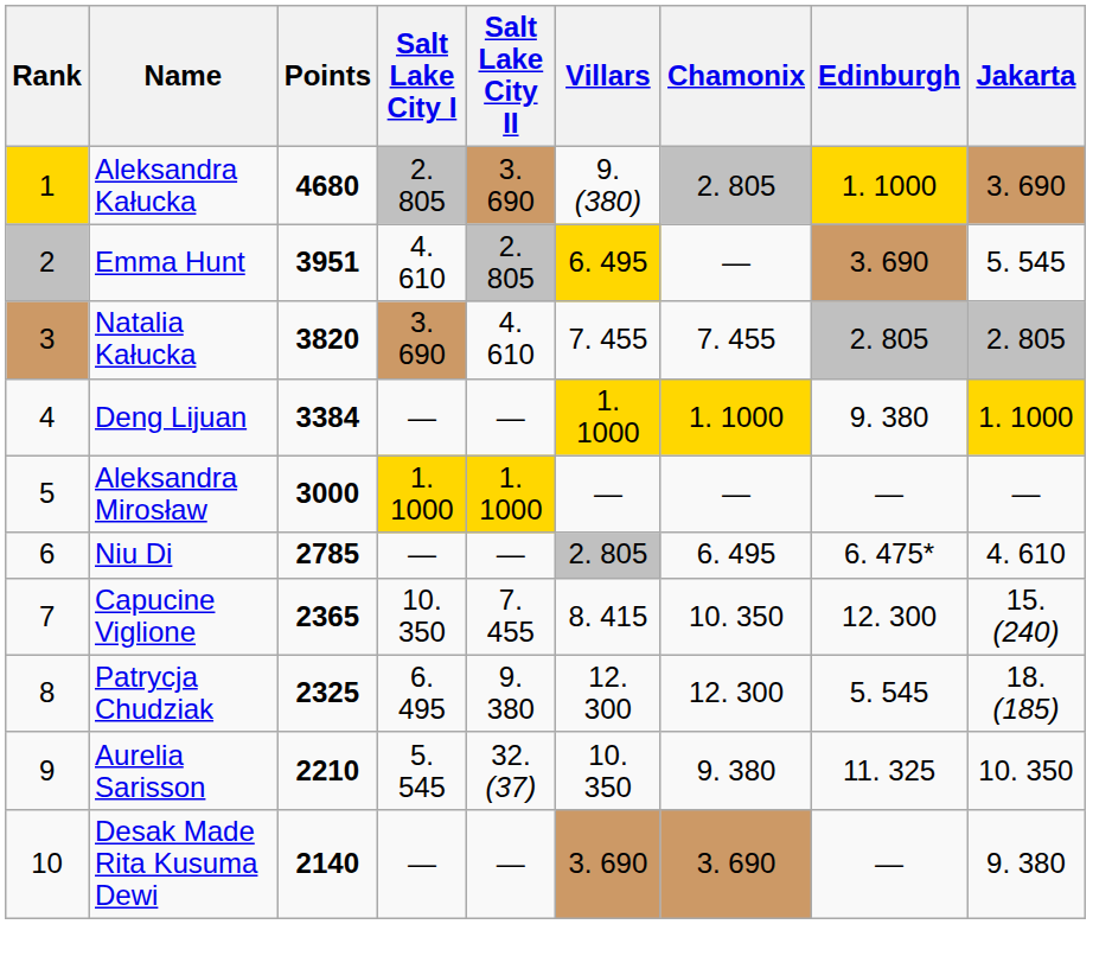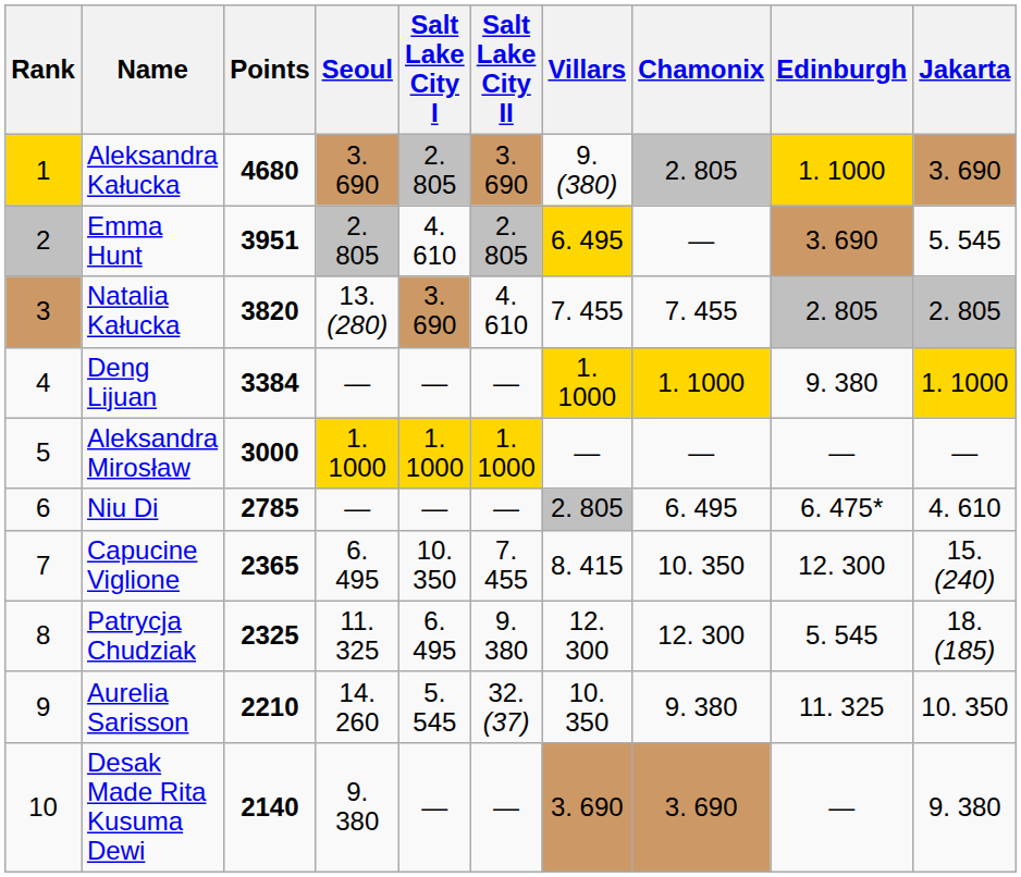 <table class="wikitable sortable">
 <tr>
 <th>Rank</th>
 <th width = "200">Name</th>
 <th>Points</th>
+<th width = "75" data-sort-type="number"><a href='#'>Seoul</a></th>
 <th width = "75" data-sort-type="number"><a href='#'>Salt Lake City I</a></th>
 <th width = "75" data-sort-type="number"><a href='#'>Salt Lake City II</a></th>
 <th width = "75" data-sort-type="number"><a href='#'>Villars</a></th>
 <th width = "75" data-sort-type="number"><a href='#'>Chamonix</a></th>
 <th width = "75" data-sort-type="number"><a href='#'>Edinburgh</a></th>
 <th width = "75" data-sort-type="number"><a href='#'>Jakarta</a></th>
 </tr>
 <tr>
 <td align="center" style="background: gold">1</td>
 <td> <a href='#'>Aleksandra Kałucka</a></td>
 <td align="center"><strong>4680</strong></td>
+<td align="center" style="background: #cc9966">3. 690</td>
 <td align="center" style="background: silver">2. 805</td>
 <td align="center" style="background: #cc9966">3. 690</td>
 <td align="center">9. <em>(380)</em></td>
 <td align="center" style="background: silver">2. 805</td>
 <td align="center" style="background: gold">1. 1000</td>
 <td align="center" style="background: #cc9966">3. 690</td>
 </tr>
 <tr>
 <td align="center" style="background: silver">2</td>
 <td> <a href='#'>Emma Hunt</a></td>
 <td align="center"><strong>3951</strong></td>
+<td align="center" style="background: silver">2. 805</td>
 <td align="center">4. 610</td>
 <td align="center" style="background: silver">2. 805</td>
 <td align="center" style="background: gold;">6. 495</td>
 <td align="center">—</td>
 <td align="center" style="background: #cc9966">3. 690</td>
 <td align="center">5. 545</td>
 </tr>
 <tr>
 <td align="center" style="background: #cc9966">3</td>
 <td> <a href='#'>Natalia Kałucka</a></td>
 <td align="center"><strong>3820</strong></td>
+<td align="center">13. <em>(280)</em></td>
 <td align="center" style="background: #cc9966">3. 690</td>
 <td align="center">4. 610</td>
 <td align="center">7. 455</td>
 <td align="center">7. 455</td>
 <td align="center" style="background: silver">2. 805</td>
 <td align="center" style="background: silver">2. 805</td>
 </tr>
 <tr>
 <td align="center">4</td>
 <td> <a href='#'>Deng Lijuan</a></td>
 <td align="center"><strong>3384</strong></td>
 <td align="center">—</td>
 <td align="center">—</td>
+<td align="center">—</td>
 <td align="center" style="background: gold">1. 1000</td>
 <td align="center" style="background: gold">1. 1000</td>
 <td align="center">9. 380</td>
 <td align="center" style="background: gold">1. 1000</td>
 </tr>
 <tr>
 <td align="center">5</td>
 <td> <a href='#'>Aleksandra Mirosław</a></td>
 <td align="center"><strong>3000</strong></td>
+<td align="center" style="background: gold">1. 1000</td>
 <td align="center" style="background: gold">1. 1000</td>
 <td align="center" style="background: gold">1. 1000</td>
 <td align="center">—</td>
 <td align="center">—</td>
 <td align="center">—</td>
 <td align="center">—</td>
 </tr>
 <tr>
 <td align="center">6</td>
 <td> <a href='#'>Niu Di</a></td>
 <td align="center"><strong>2785</strong></td>
 <td align="center">—</td>
 <td align="center">—</td>
+<td align="center">—</td>
 <td align="center" style="background: silver">2. 805</td>
 <td align="center">6. 495</td>
 <td align="center">6. 475*</td>
 <td align="center">4. 610</td>
 </tr>
 <tr>
 <td align="center">7</td>
 <td> <a href='#'>Capucine Viglione</a></td>
 <td align="center"><strong>2365</strong></td>
+<td align="center">6. 495</td>
 <td align="center">10. 350</td>
 <td align="center">7. 455</td>
 <td align="center">8. 415</td>
 <td align="center">10. 350</td>
 <td align="center">12. 300</td>
 <td align="center">15. <em>(240)</em></td>
 </tr>
 <tr>
 <td align="center">8</td>
 <td> <a href='#'>Patrycja Chudziak</a></td>
 <td align="center"><strong>2325</strong></td>
+<td align="center">11. 325</td>
 <td align="center">6. 495</td>
 <td align="center">9. 380</td>
 <td align="center">12. 300</td>
 <td align="center">12. 300</td>
 <td align="center">5. 545</td>
 <td align="center">18. <em>(185)</em></td>
 </tr>
 <tr>
 <td align="center">9</td>
 <td> <a href='#'>Aurelia Sarisson</a></td>
 <td align="center"><strong>2210</strong></td>
+<td align="center">14. 260</td>
 <td align="center">5. 545</td>
 <td align="center">32. <em>(37)</em></td>
 <td align="center">10. 350</td>
 <td align="center">9. 380</td>
 <td align="center">11. 325</td>
 <td align="center">10. 350</td>
 </tr>
 <tr>
 <td align="center">10</td>
 <td> <a href='#'>Desak Made Rita Kusuma Dewi</a></td>
 <td align="center"><strong>2140</strong></td>
+<td align="center">9. 380</td>
 <td align="center">—</td>
 <td align="center">—</td>
 <td align="center" style="background: #cc9966">3. 690</td>
 <td align="center" style="background: #cc9966">3. 690</td>
 <td align="center">—</td>
 <td align="center">9. 380</td>
 </tr>
 </table>
